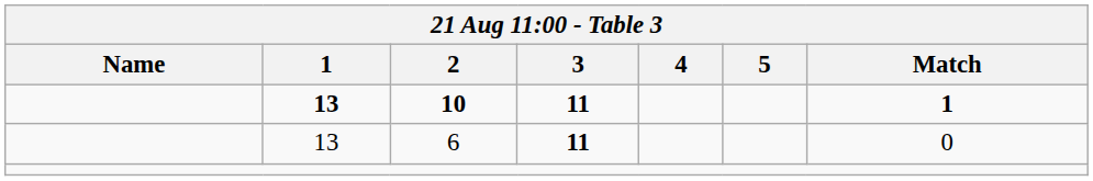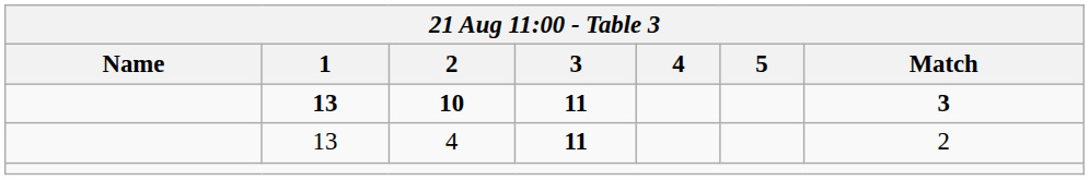 <table class=wikitable style="text-align:center; width: 55%">
 <tr>
 <th colspan=17><em>21 Aug 11:00 - Table 3</em></th>
 </tr>
 <tr>
 <th>Name</th>
 <th>1</th>
 <th>2</th>
 <th>3</th>
 <th>4</th>
 <th>5</th>
 <th>Match</th>
 </tr>
 <tr>
 <td style="text-align:left;"><strong></strong></td>
 <td><strong>13</strong></td>
 <td><strong>10</strong></td>
 <td><strong>11</strong></td>
 <td></td>
 <td></td>
-<td><strong>1</strong></td>
+<td><strong>3</strong></td>
 </tr>
 <tr>
 <td style="text-align:left;"></td>
 <td>13</td>
-<td>6</td>
+<td>4</td>
 <td><strong>11</strong></td>
 <td></td>
 <td></td>
-<td>0</td>
+<td>2</td>
 </tr>
 <tr>
 <td colspan=17></td>
 </tr>
 </table>
